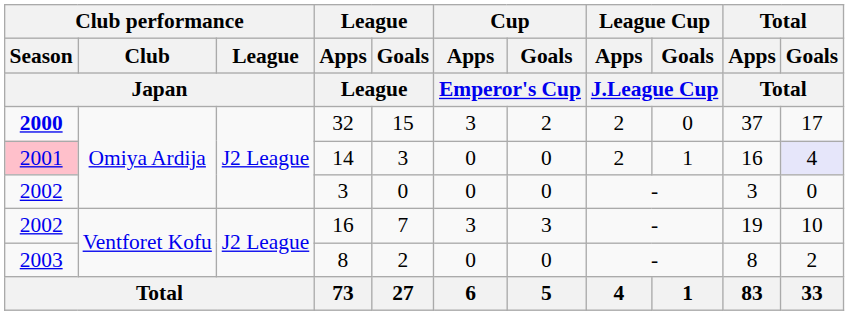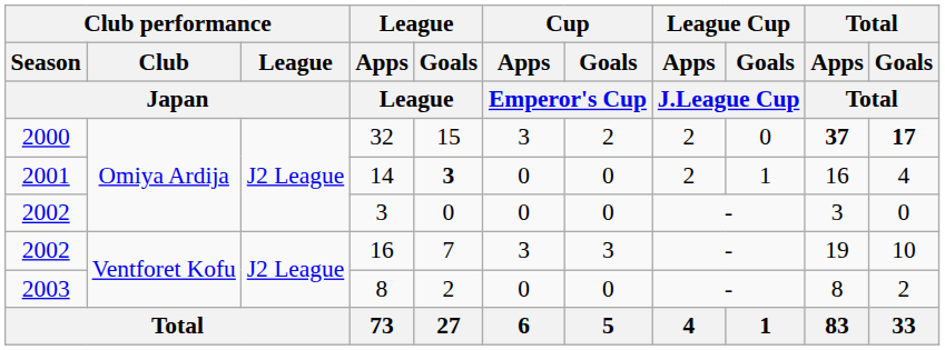 <table class="wikitable" style="text-align:center;">
 <tr>
 <th colspan=3>Club performance</th>
 <th colspan=2>League</th>
 <th colspan=2>Cup</th>
 <th colspan=2>League Cup</th>
 <th colspan=2>Total</th>
 </tr>
 <tr>
 <th>Season</th>
 <th>Club</th>
 <th>League</th>
 <th>Apps</th>
 <th>Goals</th>
 <th>Apps</th>
 <th>Goals</th>
 <th>Apps</th>
 <th>Goals</th>
 <th>Apps</th>
 <th>Goals</th>
 </tr>
 <tr>
 <th colspan=3>Japan</th>
 <th colspan=2>League</th>
 <th colspan=2><a href='#'>Emperor's Cup</a></th>
 <th colspan=2><a href='#'>J.League Cup</a></th>
 <th colspan=2>Total</th>
 </tr>
 <tr>
-<td><strong><a href='#'>2000</a></strong></td>
+<td><a href='#'>2000</a></td>
 <td rowspan="3"><a href='#'>Omiya Ardija</a></td>
 <td rowspan="3"><a href='#'>J2 League</a></td>
 <td>32</td>
 <td>15</td>
 <td>3</td>
 <td>2</td>
 <td>2</td>
 <td>0</td>
-<td>37</td>
-<td>17</td>
+<td><strong>37</strong></td>
+<td><strong>17</strong></td>
 </tr>
 <tr>
-<td style="background: pink;"><a href='#'>2001</a></td>
+<td><a href='#'>2001</a></td>
 <td>14</td>
-<td>3</td>
+<td><strong>3</strong></td>
 <td>0</td>
 <td>0</td>
 <td>2</td>
 <td>1</td>
 <td>16</td>
-<td style="background: lavender;">4</td>
+<td>4</td>
 </tr>
 <tr>
 <td><a href='#'>2002</a></td>
 <td>3</td>
 <td>0</td>
 <td>0</td>
 <td>0</td>
 <td colspan="2">-</td>
 <td>3</td>
 <td>0</td>
 </tr>
 <tr>
 <td><a href='#'>2002</a></td>
 <td rowspan="2"><a href='#'>Ventforet Kofu</a></td>
 <td rowspan="2"><a href='#'>J2 League</a></td>
 <td>16</td>
 <td>7</td>
 <td>3</td>
 <td>3</td>
 <td colspan="2">-</td>
 <td>19</td>
 <td>10</td>
 </tr>
 <tr>
 <td><a href='#'>2003</a></td>
 <td>8</td>
 <td>2</td>
 <td>0</td>
 <td>0</td>
 <td colspan="2">-</td>
 <td>8</td>
 <td>2</td>
 </tr>
 <tr>
 <th colspan=3>Total</th>
 <th>73</th>
 <th>27</th>
 <th>6</th>
 <th>5</th>
 <th>4</th>
 <th>1</th>
 <th>83</th>
 <th>33</th>
 </tr>
 </table>
